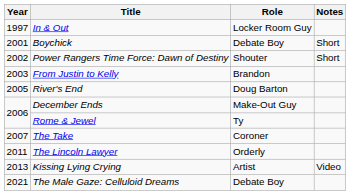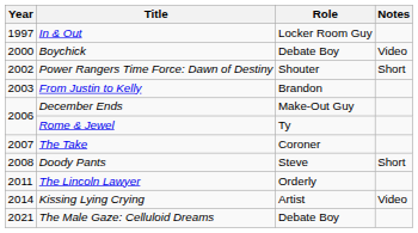 <table class="wikitable plainrowheaders sortable" style="margin–right: 0;">
 <tr>
 <th>Year</th>
 <th>Title</th>
 <th>Role</th>
 <th>Notes</th>
 </tr>
 <tr>
 <td>1997</td>
 <td><em><a href='#'>In & Out</a></em></td>
 <td>Locker Room Guy</td>
 <td></td>
 </tr>
 <tr>
-<td>2001</td>
+<td>2000</td>
 <td><em>Boychick</em></td>
 <td>Debate Boy</td>
-<td>Short</td>
+<td>Video</td>
 </tr>
 <tr>
 <td>2002</td>
 <td><em>Power Rangers Time Force: Dawn of Destiny</em></td>
 <td>Shouter</td>
 <td>Short</td>
 </tr>
 <tr>
 <td>2003</td>
 <td><em><a href='#'>From Justin to Kelly</a></em></td>
 <td>Brandon</td>
-<td></td>
-</tr>
-<tr>
-<td>2005</td>
-<td><em>River's End</em></td>
-<td>Doug Barton</td>
 <td></td>
 </tr>
 <tr>
 <td rowspan=2>2006</td>
 <td><em>December Ends</em></td>
 <td>Make-Out Guy</td>
 <td></td>
 </tr>
 <tr>
 <td><em><a href='#'>Rome & Jewel</a></em></td>
 <td>Ty</td>
 <td></td>
 </tr>
 <tr>
 <td>2007</td>
 <td><em><a href='#'>The Take</a></em></td>
 <td>Coroner</td>
 <td></td>
 </tr>
 <tr>
+<td>2008</td>
+<td><em>Doody Pants</em></td>
+<td>Steve</td>
+<td>Short</td>
+</tr>
+<tr>
 <td>2011</td>
 <td><em><a href='#'>The Lincoln Lawyer</a></em></td>
 <td>Orderly</td>
 <td></td>
 </tr>
 <tr>
-<td>2013</td>
+<td>2014</td>
 <td><em>Kissing Lying Crying</em></td>
 <td>Artist</td>
 <td>Video</td>
 </tr>
 <tr>
 <td>2021</td>
 <td><em>The Male Gaze: Celluloid Dreams</em></td>
 <td>Debate Boy</td>
 <td></td>
 </tr>
 </table>
